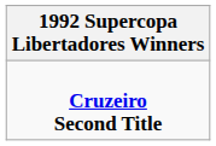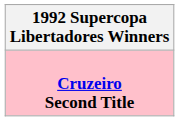 <table class="wikitable" style="text-align: center; margin: 0 auto;">
 <tr>
 <th>1992 Supercopa<br>Libertadores Winners</th>
 </tr>
 <tr>
-<td><br><strong><a href='#'>Cruzeiro</a></strong><br><strong>Second Title</strong></td>
+<td style="background: pink;"><br><strong><a href='#'>Cruzeiro</a></strong><br><strong>Second Title</strong></td>
 </tr>
 </table>
